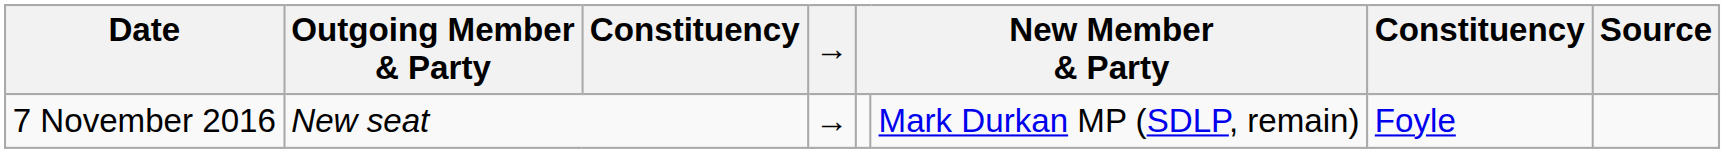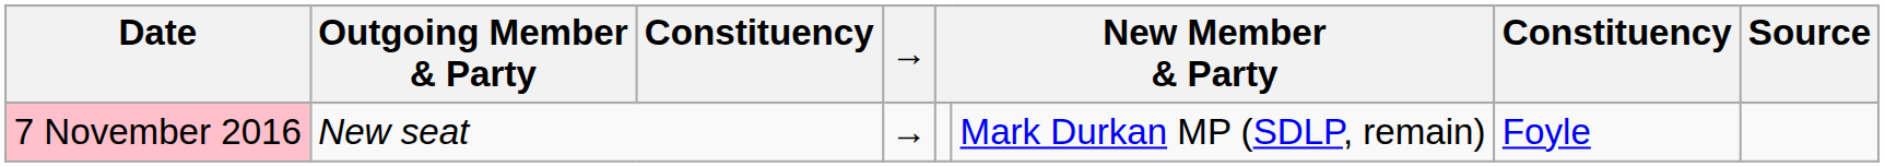 <table class="wikitable">
 <tr>
 <th valign="top">Date</th>
 <th colspan="2" valign="top">Outgoing Member<br>& Party</th>
 <th valign="top">Constituency</th>
 <th>→</th>
 <th colspan="2" valign="top">New Member<br>& Party</th>
 <th valign="top">Constituency</th>
 <th valign="top">Source</th>
 </tr>
 <tr>
-<td nowrap>7 November 2016</td>
+<td nowrap style="background: pink;">7 November 2016</td>
 <td colspan=3><em>New seat</em></td>
 <td>→</td>
 <td style="color:inherit;background:"></td>
 <td><a href='#'>Mark Durkan</a> MP (<a href='#'>SDLP</a>, remain)</td>
 <td><a href='#'>Foyle</a></td>
 <td></td>
 </tr>
 </table>
